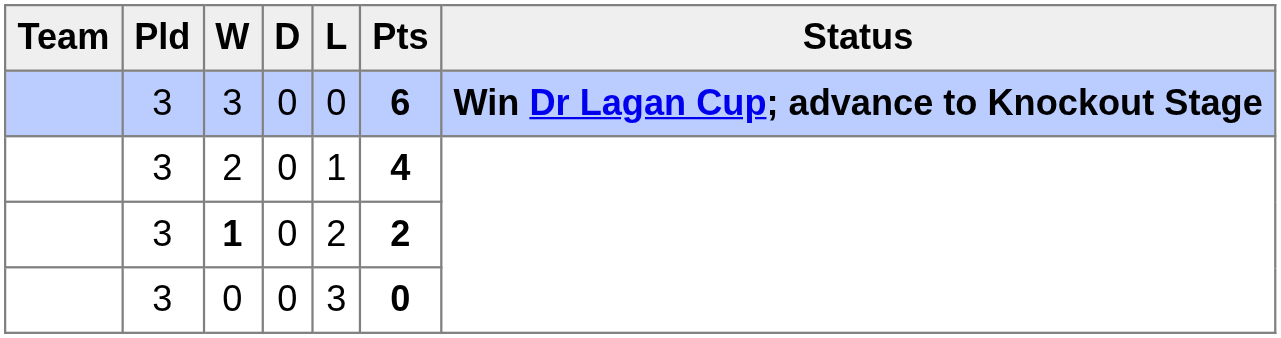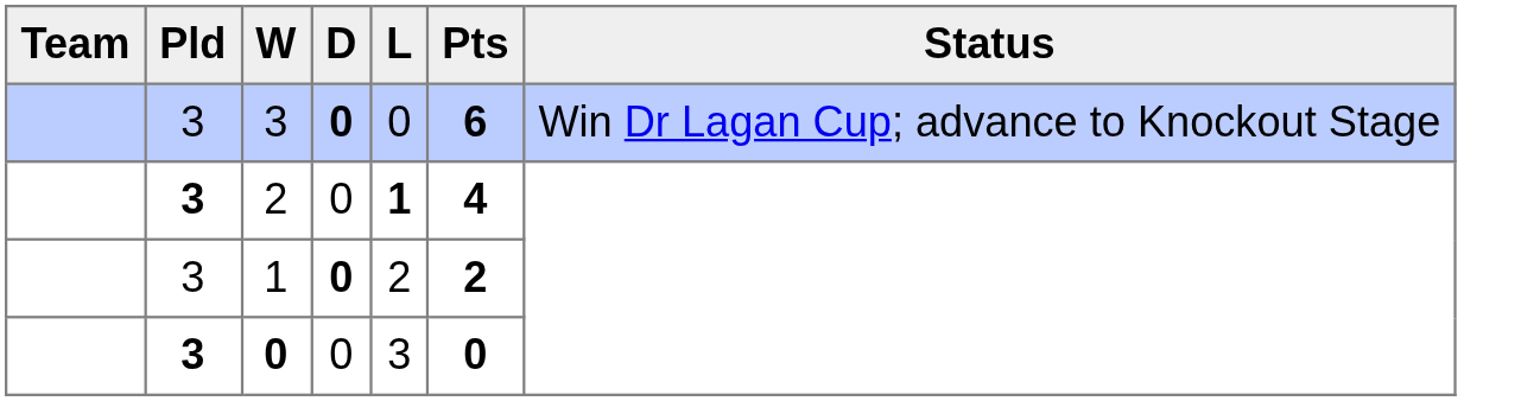 <table style=border-collapse:collapse border=1 cellspacing=0 cellpadding=5>
 <tr align=center bgcolor=#efefef>
 <th>Team</th>
 <th>Pld</th>
 <th>W</th>
 <th>D</th>
 <th>L</th>
 <th>Pts</th>
 <th>Status</th>
 </tr>
 <tr align=center style="background:#bbccff;">
 <td style="text-align:left;"> </td>
 <td>3</td>
 <td>3</td>
-<td>0</td>
+<td><strong>0</strong></td>
 <td>0</td>
 <td><strong>6</strong></td>
-<td rowspan=1><strong>Win <a href='#'>Dr Lagan Cup</a>; advance to Knockout Stage</strong></td>
+<td rowspan=1>Win <a href='#'>Dr Lagan Cup</a>; advance to Knockout Stage</td>
 </tr>
 <tr align=center style="background:#FFFFFF;">
 <td style="text-align:left;"> </td>
-<td>3</td>
+<td><strong>3</strong></td>
 <td>2</td>
 <td>0</td>
-<td>1</td>
+<td><strong>1</strong></td>
 <td><strong>4</strong></td>
 <td rowspan=3></td>
 </tr>
 <tr align=center style="background:#FFFFFF;">
 <td style="text-align:left;"> </td>
 <td>3</td>
-<td><strong>1</strong></td>
-<td>0</td>
+<td>1</td>
+<td><strong>0</strong></td>
 <td>2</td>
 <td><strong>2</strong></td>
 </tr>
 <tr align=center style="background:#FFFFFF;">
 <td style="text-align:left;"> </td>
-<td>3</td>
-<td>0</td>
+<td><strong>3</strong></td>
+<td><strong>0</strong></td>
 <td>0</td>
 <td>3</td>
 <td><strong>0</strong></td>
 </tr>
 </table>
